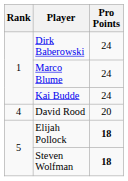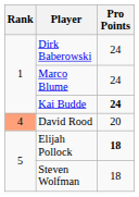 <table class="wikitable" width=30%>
 <tr>
 <th>Rank</th>
 <th>Player</th>
 <th>Pro Points</th>
 </tr>
 <tr>
 <td align=center rowspan=3>1</td>
 <td> <a href='#'>Dirk Baberowski</a></td>
 <td align=center>24</td>
 </tr>
 <tr>
 <td> <a href='#'>Marco Blume</a></td>
 <td align=center>24</td>
 </tr>
 <tr>
 <td> <a href='#'>Kai Budde</a></td>
-<td align=center>24</td>
+<td align=center><strong>24</strong></td>
 </tr>
 <tr>
-<td align=center>4</td>
+<td align=center style="background: lightsalmon;">4</td>
 <td> David Rood</td>
 <td align=center>20</td>
 </tr>
 <tr>
 <td align=center rowspan=2>5</td>
 <td> Elijah Pollock</td>
 <td align=center><strong>18</strong></td>
 </tr>
 <tr>
 <td> Steven Wolfman</td>
-<td align=center><strong>18</strong></td>
+<td align=center>18</td>
 </tr>
 </table>
